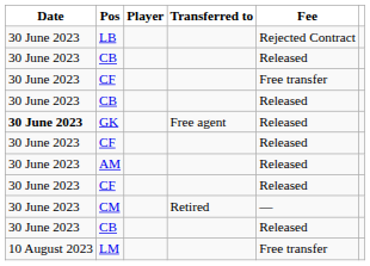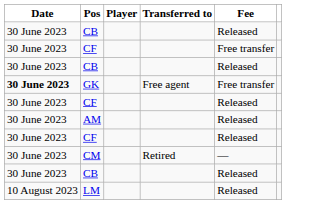 <table class="wikitable plainrowheaders sortable">
 <tr>
 <th style="background-color:white;">Date</th>
 <th style="background-color:white;">Pos</th>
 <th style="background-color:white;">Player</th>
 <th style="background-color:white;">Transferred to</th>
 <th style="background-color:white;">Fee</th>
 <th style="background-color:white;"></th>
-</tr>
-<tr>
-<td>30 June 2023</td>
-<td><a href='#'>LB</a></td>
-<td></td>
-<td></td>
-<td>Rejected Contract</td>
-<td></td>
 </tr>
 <tr>
 <td>30 June 2023</td>
 <td><a href='#'>CB</a></td>
 <td></td>
 <td></td>
 <td>Released</td>
 <td></td>
 </tr>
 <tr>
 <td>30 June 2023</td>
 <td><a href='#'>CF</a></td>
 <td></td>
 <td></td>
 <td>Free transfer</td>
 <td></td>
 </tr>
 <tr>
 <td>30 June 2023</td>
 <td><a href='#'>CB</a></td>
 <td></td>
 <td></td>
 <td>Released</td>
 <td></td>
 </tr>
 <tr>
 <td><strong>30 June 2023</strong></td>
 <td><a href='#'>GK</a></td>
 <td></td>
 <td>Free agent</td>
-<td>Released</td>
+<td>Free transfer</td>
 <td></td>
 </tr>
 <tr>
 <td>30 June 2023</td>
 <td><a href='#'>CF</a></td>
 <td></td>
 <td></td>
 <td>Released</td>
 <td></td>
 </tr>
 <tr>
 <td>30 June 2023</td>
 <td><a href='#'>AM</a></td>
 <td></td>
 <td></td>
 <td>Released</td>
 <td></td>
 </tr>
 <tr>
 <td>30 June 2023</td>
 <td><a href='#'>CF</a></td>
 <td></td>
 <td></td>
 <td>Released</td>
 <td></td>
 </tr>
 <tr>
 <td>30 June 2023</td>
 <td><a href='#'>CM</a></td>
 <td></td>
 <td>Retired</td>
 <td>—</td>
 <td></td>
 </tr>
 <tr>
 <td>30 June 2023</td>
 <td><a href='#'>CB</a></td>
 <td></td>
 <td></td>
 <td>Released</td>
 <td></td>
 </tr>
 <tr>
 <td>10 August 2023</td>
 <td><a href='#'>LM</a></td>
 <td></td>
 <td></td>
-<td>Free transfer</td>
+<td>Released</td>
 <td></td>
 </tr>
 </table>
